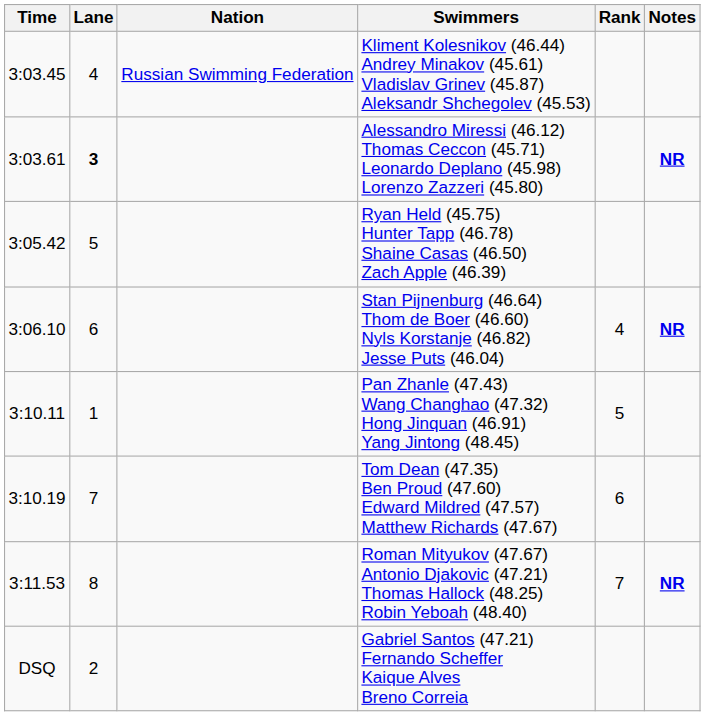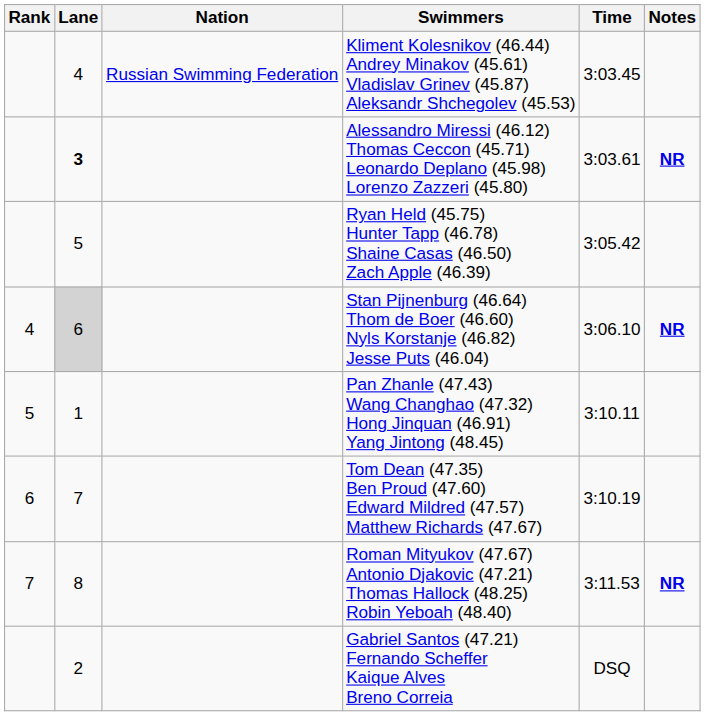 <table class="wikitable sortable" style="text-align:center">
 <tr>
-<th>Time</th>
+<th>Rank</th>
 <th>Lane</th>
 <th>Nation</th>
 <th>Swimmers</th>
-<th>Rank</th>
+<th>Time</th>
 <th>Notes</th>
 </tr>
 <tr>
-<td>3:03.45</td>
+<td></td>
 <td>4</td>
 <td align=left> <a href='#'>Russian Swimming Federation</a></td>
 <td align=left><a href='#'>Kliment Kolesnikov</a> (46.44)<br><a href='#'>Andrey Minakov</a> (45.61)<br><a href='#'>Vladislav Grinev</a> (45.87)<br><a href='#'>Aleksandr Shchegolev</a> (45.53)</td>
-<td></td>
+<td>3:03.45</td>
 <td></td>
 </tr>
 <tr>
-<td>3:03.61</td>
+<td></td>
 <td><strong>3</strong></td>
 <td align=left></td>
 <td align=left><a href='#'>Alessandro Miressi</a> (46.12)<br><a href='#'>Thomas Ceccon</a> (45.71)<br><a href='#'>Leonardo Deplano</a> (45.98)<br><a href='#'>Lorenzo Zazzeri</a> (45.80)</td>
-<td></td>
+<td>3:03.61</td>
 <td><strong><a href='#'>NR</a></strong></td>
 </tr>
 <tr>
-<td>3:05.42</td>
+<td></td>
 <td>5</td>
 <td align=left></td>
 <td align=left><a href='#'>Ryan Held</a> (45.75)<br><a href='#'>Hunter Tapp</a> (46.78)<br><a href='#'>Shaine Casas</a> (46.50)<br><a href='#'>Zach Apple</a> (46.39)</td>
-<td></td>
+<td>3:05.42</td>
 <td></td>
 </tr>
 <tr>
-<td>3:06.10</td>
-<td>6</td>
+<td>4</td>
+<td style="background: lightgrey;">6</td>
 <td align=left></td>
 <td align=left><a href='#'>Stan Pijnenburg</a> (46.64)<br><a href='#'>Thom de Boer</a> (46.60)<br><a href='#'>Nyls Korstanje</a> (46.82)<br><a href='#'>Jesse Puts</a> (46.04)</td>
-<td>4</td>
+<td>3:06.10</td>
 <td><strong><a href='#'>NR</a></strong></td>
 </tr>
 <tr>
-<td>3:10.11</td>
+<td>5</td>
 <td>1</td>
 <td align=left></td>
 <td align=left><a href='#'>Pan Zhanle</a> (47.43)<br><a href='#'>Wang Changhao</a> (47.32)<br><a href='#'>Hong Jinquan</a> (46.91)<br><a href='#'>Yang Jintong</a> (48.45)</td>
-<td>5</td>
+<td>3:10.11</td>
 <td></td>
 </tr>
 <tr>
-<td>3:10.19</td>
+<td>6</td>
 <td>7</td>
 <td align=left></td>
 <td align=left><a href='#'>Tom Dean</a> (47.35)<br><a href='#'>Ben Proud</a> (47.60)<br><a href='#'>Edward Mildred</a> (47.57)<br><a href='#'>Matthew Richards</a> (47.67)</td>
-<td>6</td>
+<td>3:10.19</td>
 <td></td>
 </tr>
 <tr>
-<td>3:11.53</td>
+<td>7</td>
 <td>8</td>
 <td align=left></td>
 <td align=left><a href='#'>Roman Mityukov</a> (47.67)<br><a href='#'>Antonio Djakovic</a> (47.21)<br><a href='#'>Thomas Hallock</a> (48.25)<br><a href='#'>Robin Yeboah</a> (48.40)</td>
-<td>7</td>
+<td>3:11.53</td>
 <td><strong><a href='#'>NR</a></strong></td>
 </tr>
 <tr>
-<td>DSQ</td>
+<td></td>
 <td>2</td>
 <td align=left></td>
 <td align=left><a href='#'>Gabriel Santos</a> (47.21)<br><a href='#'>Fernando Scheffer</a><br><a href='#'>Kaique Alves</a><br><a href='#'>Breno Correia</a></td>
-<td></td>
+<td>DSQ</td>
 <td></td>
 </tr>
 </table>
